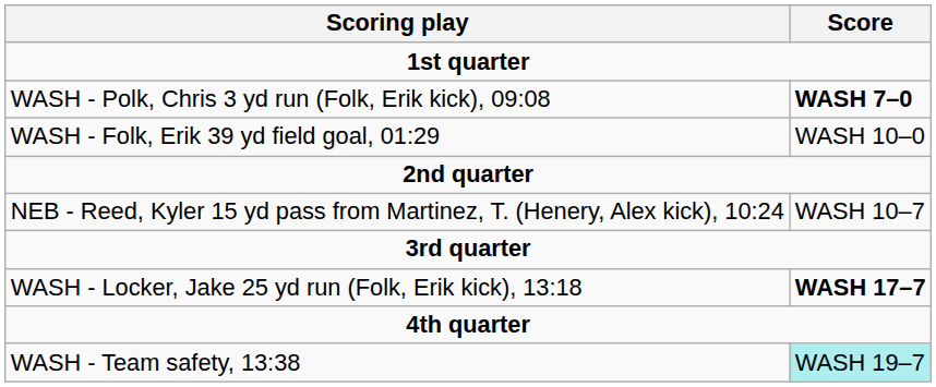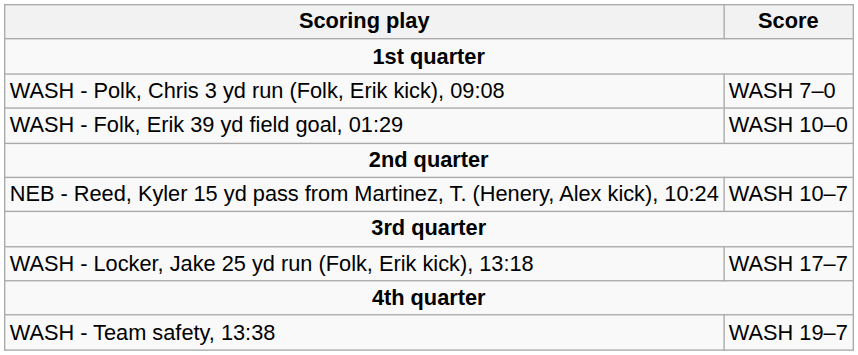 <table class="wikitable">
 <tr>
 <th>Scoring play</th>
 <th>Score</th>
 </tr>
 <tr>
 <td colspan="4" align="center"><strong>1st quarter</strong></td>
 </tr>
 <tr>
 <td>WASH - Polk, Chris 3 yd run (Folk, Erik kick), 09:08</td>
-<td><strong>WASH 7–0</strong></td>
+<td>WASH 7–0</td>
 </tr>
 <tr>
 <td>WASH - Folk, Erik 39 yd field goal, 01:29</td>
 <td>WASH 10–0</td>
 </tr>
 <tr>
 <td colspan="4" align="center"><strong>2nd quarter</strong></td>
 </tr>
 <tr>
 <td>NEB - Reed, Kyler 15 yd pass from Martinez, T. (Henery, Alex kick), 10:24</td>
 <td>WASH 10–7</td>
 </tr>
 <tr>
 <td colspan="4" align="center"><strong>3rd quarter</strong></td>
 </tr>
 <tr>
 <td>WASH - Locker, Jake 25 yd run (Folk, Erik kick),  13:18</td>
-<td><strong>WASH 17–7</strong></td>
+<td>WASH 17–7</td>
 </tr>
 <tr>
 <td colspan="4" align="center"><strong>4th quarter</strong></td>
 </tr>
 <tr>
 <td>WASH - Team safety, 13:38</td>
-<td style="background: paleturquoise;">WASH 19–7</td>
+<td>WASH 19–7</td>
 </tr>
 </table>
